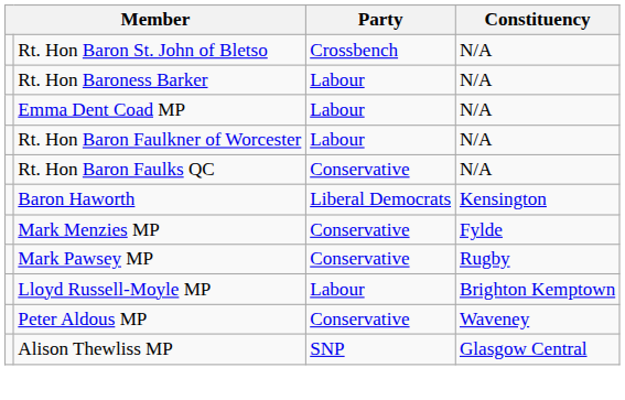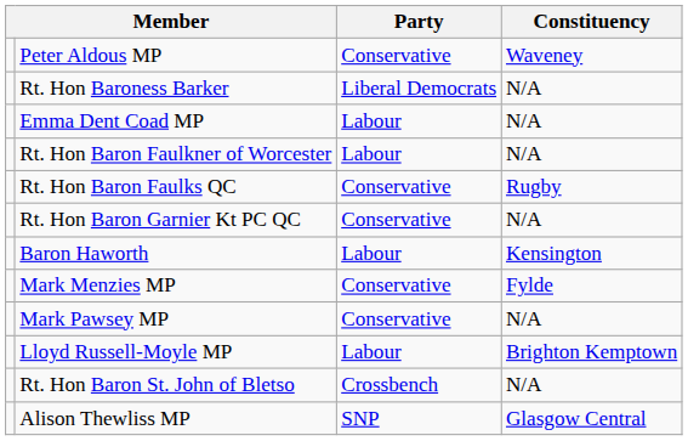 <table class="wikitable">
 <tr>
 <th colspan="2" valign="top">Member</th>
 <th valign="top">Party</th>
 <th valign="top">Constituency</th>
 </tr>
 <tr>
 <td style="color:inherit;background:"></td>
-<td>Rt. Hon <a href='#'>Baron St. John of Bletso</a></td>
-<td><a href='#'>Crossbench</a></td>
-<td>N/A</td>
+<td><a href='#'>Peter Aldous</a> MP</td>
+<td><a href='#'>Conservative</a></td>
+<td><a href='#'>Waveney</a></td>
 </tr>
 <tr>
 <td style="color:inherit;background:"></td>
 <td>Rt. Hon <a href='#'>Baroness Barker</a></td>
-<td><a href='#'>Labour</a></td>
+<td><a href='#'>Liberal Democrats</a></td>
 <td>N/A</td>
 </tr>
 <tr>
 <td style="color:inherit;background:"></td>
 <td><a href='#'>Emma Dent Coad</a> MP</td>
 <td><a href='#'>Labour</a></td>
 <td>N/A</td>
 </tr>
 <tr>
 <td style="color:inherit;background:"></td>
 <td>Rt. Hon <a href='#'>Baron Faulkner of Worcester</a></td>
 <td><a href='#'>Labour</a></td>
 <td>N/A</td>
 </tr>
 <tr>
 <td style="color:inherit;background:"></td>
 <td>Rt. Hon <a href='#'>Baron Faulks</a> QC</td>
 <td><a href='#'>Conservative</a></td>
+<td><a href='#'>Rugby</a></td>
+</tr>
+<tr>
+<td style="color:inherit;background:"></td>
+<td>Rt. Hon <a href='#'>Baron Garnier</a> Kt PC QC</td>
+<td><a href='#'>Conservative</a></td>
 <td>N/A</td>
 </tr>
 <tr>
 <td style="color:inherit;background:"></td>
 <td><a href='#'>Baron Haworth</a></td>
-<td><a href='#'>Liberal Democrats</a></td>
+<td><a href='#'>Labour</a></td>
 <td><a href='#'>Kensington</a></td>
 </tr>
 <tr>
 <td style="color:inherit;background:"></td>
 <td><a href='#'>Mark Menzies</a> MP</td>
 <td><a href='#'>Conservative</a></td>
 <td><a href='#'>Fylde</a></td>
 </tr>
 <tr>
 <td style="color:inherit;background:"></td>
 <td><a href='#'>Mark Pawsey</a> MP</td>
 <td><a href='#'>Conservative</a></td>
-<td><a href='#'>Rugby</a></td>
+<td>N/A</td>
 </tr>
 <tr>
 <td style="color:inherit;background:"></td>
 <td><a href='#'>Lloyd Russell-Moyle</a> MP</td>
 <td><a href='#'>Labour</a></td>
 <td><a href='#'>Brighton Kemptown</a></td>
 </tr>
 <tr>
 <td style="color:inherit;background:"></td>
-<td><a href='#'>Peter Aldous</a> MP</td>
-<td><a href='#'>Conservative</a></td>
-<td><a href='#'>Waveney</a></td>
+<td>Rt. Hon <a href='#'>Baron St. John of Bletso</a></td>
+<td><a href='#'>Crossbench</a></td>
+<td>N/A</td>
 </tr>
 <tr>
 <td style="color:inherit;background:"></td>
 <td>Alison Thewliss MP</td>
 <td><a href='#'>SNP</a></td>
 <td><a href='#'>Glasgow Central</a></td>
 </tr>
 </table>
